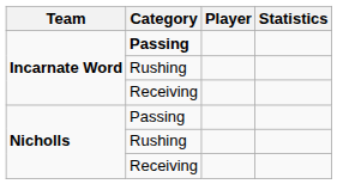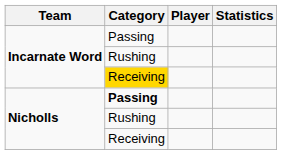 <table class="wikitable" style="float: right;">
 <tr>
 <th>Team</th>
 <th>Category</th>
 <th>Player</th>
 <th>Statistics</th>
 </tr>
 <tr>
 <td rowspan=3><strong>Incarnate Word</strong></td>
+<td>Passing</td>
+<td></td>
+<td></td>
+</tr>
+<tr>
+<td>Rushing</td>
+<td></td>
+<td></td>
+</tr>
+<tr>
+<td style="background: gold;">Receiving</td>
+<td></td>
+<td></td>
+</tr>
+<tr>
+<td rowspan=3><strong>Nicholls</strong></td>
 <td><strong>Passing</strong></td>
 <td></td>
 <td></td>
 </tr>
 <tr>
 <td>Rushing</td>
 <td></td>
 <td></td>
 </tr>
 <tr>
 <td>Receiving</td>
 <td></td>
 <td></td>
 </tr>
-<tr>
-<td rowspan=3><strong>Nicholls</strong></td>
-<td>Passing</td>
-<td></td>
-<td></td>
-</tr>
-<tr>
-<td>Rushing</td>
-<td></td>
-<td></td>
-</tr>
-<tr>
-<td>Receiving</td>
-<td></td>
-<td></td>
-</tr>
 </table>
